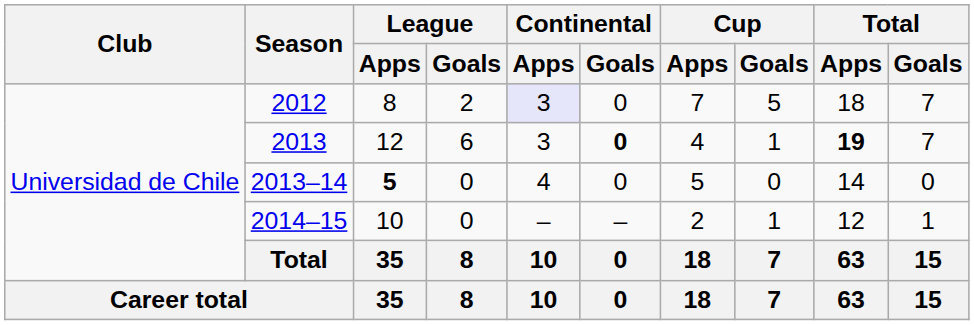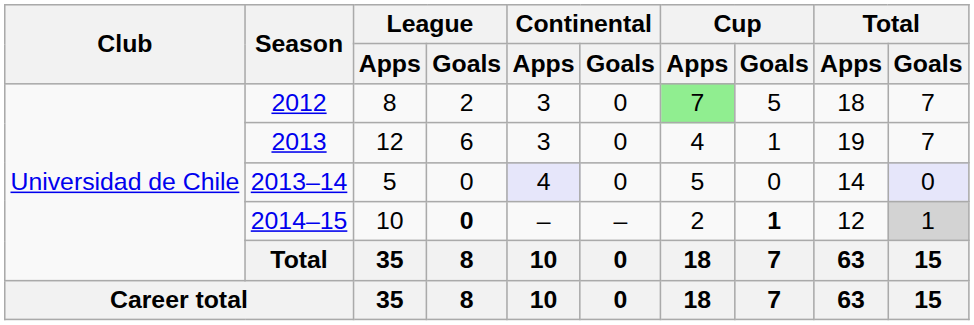 <table class="wikitable" style="text-align: center;">
 <tr>
 <th rowspan="2">Club</th>
 <th rowspan="2">Season</th>
 <th colspan="2">League</th>
 <th colspan="2">Continental</th>
 <th colspan="2">Cup</th>
 <th colspan="2">Total</th>
 </tr>
 <tr>
 <th>Apps</th>
 <th>Goals</th>
 <th>Apps</th>
 <th>Goals</th>
 <th>Apps</th>
 <th>Goals</th>
 <th>Apps</th>
 <th>Goals</th>
 </tr>
 <tr>
 <td rowspan="5"><a href='#'>Universidad de Chile</a></td>
 <td><a href='#'>2012</a></td>
 <td>8</td>
 <td>2</td>
-<td style="background: lavender;">3</td>
+<td>3</td>
 <td>0</td>
-<td>7</td>
+<td style="background: lightgreen;">7</td>
 <td>5</td>
 <td>18</td>
 <td>7</td>
 </tr>
 <tr>
 <td><a href='#'>2013</a></td>
 <td>12</td>
 <td>6</td>
 <td>3</td>
-<td><strong>0</strong></td>
+<td>0</td>
 <td>4</td>
 <td>1</td>
-<td><strong>19</strong></td>
+<td>19</td>
 <td>7</td>
 </tr>
 <tr>
 <td><a href='#'>2013–14</a></td>
-<td><strong>5</strong></td>
+<td>5</td>
 <td>0</td>
-<td>4</td>
+<td style="background: lavender;">4</td>
 <td>0</td>
 <td>5</td>
 <td>0</td>
 <td>14</td>
-<td>0</td>
+<td style="background: lavender;">0</td>
 </tr>
 <tr>
 <td><a href='#'>2014–15</a></td>
 <td>10</td>
-<td>0</td>
+<td><strong>0</strong></td>
 <td>–</td>
 <td>–</td>
 <td>2</td>
-<td>1</td>
+<td><strong>1</strong></td>
 <td>12</td>
-<td>1</td>
+<td style="background: lightgrey;">1</td>
 </tr>
 <tr>
 <th>Total</th>
 <th>35</th>
 <th>8</th>
 <th>10</th>
 <th>0</th>
 <th>18</th>
 <th>7</th>
 <th>63</th>
 <th>15</th>
 </tr>
 <tr>
 <th colspan="2">Career total</th>
 <th>35</th>
 <th>8</th>
 <th>10</th>
 <th>0</th>
 <th>18</th>
 <th>7</th>
 <th>63</th>
 <th>15</th>
 </tr>
 </table>
